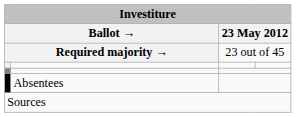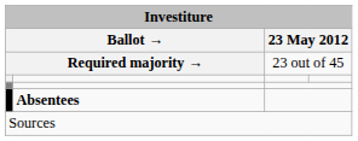 <table class="wikitable" style="text-align:center;">
 <tr bgcolor="#E9E9E9">
 <td colspan="4" align="center" bgcolor="#C0C0C0"><strong>Investiture</strong></td>
 </tr>
 <tr>
 <th colspan="2" width="275px">Ballot →</th>
 <th colspan="2">23 May 2012</th>
 </tr>
 <tr>
 <th colspan="2">Required majority →</th>
 <td colspan="2">23 out of 45</td>
 </tr>
 <tr>
 <th width="1px" style="background:"></th>
 <td align="left"></td>
 <td></td>
 <td></td>
 </tr>
 <tr>
 <th style="color:inherit;background:gray;"></th>
 <td align="left"></td>
 <td colspan="2"></td>
 </tr>
 <tr>
 <th style="color:inherit;background:black;"></th>
-<td align="left"><span>Absentees</span></td>
+<td align="left"><strong><span>Absentees</span></strong></td>
 <td colspan="2"></td>
 </tr>
 <tr>
 <td align="left" colspan="4">Sources</td>
 </tr>
 </table>
